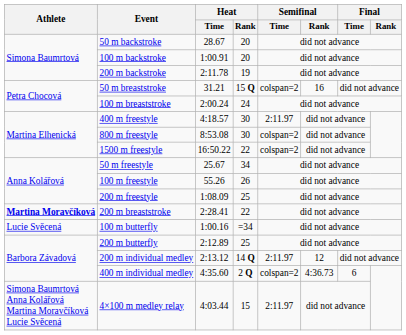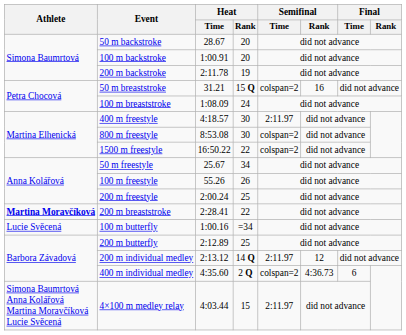 <table class=wikitable style="font-size:90%">
 <tr>
 <th rowspan="2">Athlete</th>
 <th rowspan="2">Event</th>
 <th colspan="2">Heat</th>
 <th colspan="2">Semifinal</th>
 <th colspan="2">Final</th>
 </tr>
 <tr style="font-size:95%">
 <th>Time</th>
 <th>Rank</th>
 <th>Time</th>
 <th>Rank</th>
 <th>Time</th>
 <th>Rank</th>
 </tr>
 <tr align=center>
 <td align=left rowspan=3><a href='#'>Simona Baumrtová</a></td>
 <td align=left><a href='#'>50 m backstroke</a></td>
 <td>28.67</td>
 <td>20</td>
 <td colspan=4>did not advance</td>
 </tr>
 <tr align=center>
 <td align=left><a href='#'>100 m backstroke</a></td>
 <td>1:00.91</td>
 <td>20</td>
 <td colspan=4>did not advance</td>
 </tr>
 <tr align=center>
 <td align=left><a href='#'>200 m backstroke</a></td>
 <td>2:11.78</td>
 <td>19</td>
 <td colspan=4>did not advance</td>
 </tr>
 <tr align=center>
 <td align=left rowspan=2><a href='#'>Petra Chocová</a></td>
 <td align=left><a href='#'>50 m breaststroke</a></td>
 <td>31.21</td>
 <td>15 <strong>Q</strong></td>
 <td>colspan=2 </td>
 <td>16</td>
 <td colspan=2>did not advance</td>
 </tr>
 <tr align=center>
 <td align=left><a href='#'>100 m breaststroke</a></td>
-<td>2:00.24</td>
+<td>1:08.09</td>
 <td>24</td>
 <td colspan=4>did not advance</td>
 </tr>
 <tr align=center>
 <td align=left rowspan=3><a href='#'>Martina Elhenická</a></td>
 <td align=left><a href='#'>400 m freestyle</a></td>
 <td>4:18.57</td>
 <td>30</td>
 <td>2:11.97</td>
 <td colspan=2>did not advance</td>
 </tr>
 <tr align=center>
 <td align=left><a href='#'>800 m freestyle</a></td>
 <td>8:53.08</td>
 <td>30</td>
 <td>colspan=2 </td>
 <td colspan=2>did not advance</td>
 </tr>
 <tr align=center>
 <td align=left><a href='#'>1500 m freestyle</a></td>
 <td>16:50.22</td>
 <td>22</td>
 <td>colspan=2 </td>
 <td colspan=2>did not advance</td>
 </tr>
 <tr align=center>
 <td align=left rowspan=3><a href='#'>Anna Kolářová</a></td>
 <td align=left><a href='#'>50 m freestyle</a></td>
 <td>25.67</td>
 <td>34</td>
 <td colspan=4>did not advance</td>
 </tr>
 <tr align=center>
 <td align=left><a href='#'>100 m freestyle</a></td>
 <td>55.26</td>
 <td>26</td>
 <td colspan=4>did not advance</td>
 </tr>
 <tr align=center>
 <td align=left><a href='#'>200 m freestyle</a></td>
-<td>1:08.09</td>
+<td>2:00.24</td>
 <td>25</td>
 <td colspan=4>did not advance</td>
 </tr>
 <tr align=center>
 <td align=left><strong><a href='#'>Martina Moravčíková</a></strong></td>
 <td align=left><a href='#'>200 m breaststroke</a></td>
 <td>2:28.41</td>
 <td>22</td>
 <td colspan=4>did not advance</td>
 </tr>
 <tr align=center>
 <td align=left><a href='#'>Lucie Svěcená</a></td>
 <td align=left><a href='#'>100 m butterfly</a></td>
 <td>1:00.16</td>
 <td>=34</td>
 <td colspan=4>did not advance</td>
 </tr>
 <tr align=center>
 <td align=left rowspan=3><a href='#'>Barbora Závadová</a></td>
 <td align=left><a href='#'>200 m butterfly</a></td>
 <td>2:12.89</td>
 <td>25</td>
 <td colspan=4>did not advance</td>
 </tr>
 <tr align=center>
 <td align=left><a href='#'>200 m individual medley</a></td>
 <td>2:13.12</td>
 <td>14 <strong>Q</strong></td>
 <td>2:11.97</td>
 <td>12</td>
 <td colspan=2>did not advance</td>
 </tr>
 <tr align=center>
 <td align=left><a href='#'>400 m individual medley</a></td>
 <td>4:35.60</td>
 <td>2 <strong>Q</strong></td>
 <td>colspan=2 </td>
 <td>4:36.73</td>
 <td>6</td>
 </tr>
 <tr align=center>
 <td align=left><a href='#'>Simona Baumrtová</a><br><a href='#'>Anna Kolářová</a><br><a href='#'>Martina Moravčíková</a><br><a href='#'>Lucie Svěcená</a></td>
 <td align=left><a href='#'>4×100 m medley relay</a></td>
 <td>4:03.44</td>
 <td>15</td>
 <td>2:11.97</td>
 <td colspan=2>did not advance</td>
 </tr>
 </table>
